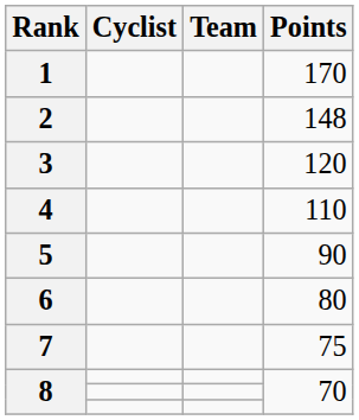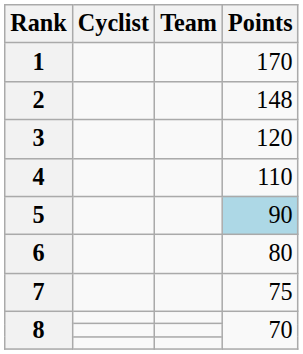 <table class="wikitable">
 <tr>
 <th scope="col">Rank</th>
 <th scope="col">Cyclist</th>
 <th scope="col">Team</th>
 <th scope="col">Points</th>
 </tr>
 <tr>
 <th scope="row">1</th>
 <td></td>
 <td></td>
 <td style="text-align:right;">170</td>
 </tr>
 <tr>
 <th scope="row">2</th>
 <td></td>
 <td></td>
 <td style="text-align:right;">148</td>
 </tr>
 <tr>
 <th scope="row">3</th>
 <td></td>
 <td></td>
 <td style="text-align:right;">120</td>
 </tr>
 <tr>
 <th scope="row">4</th>
 <td></td>
 <td></td>
 <td style="text-align:right;">110</td>
 </tr>
 <tr>
 <th scope="row">5</th>
 <td></td>
 <td></td>
-<td style="text-align:right;">90</td>
+<td style="background: lightblue; text-align:right;">90</td>
 </tr>
 <tr>
 <th scope="row">6</th>
 <td></td>
 <td></td>
 <td style="text-align:right;">80</td>
 </tr>
 <tr>
 <th scope="row">7</th>
 <td></td>
 <td></td>
 <td style="text-align:right;">75</td>
 </tr>
 <tr>
 <th scope="row" rowspan="3">8</th>
 <td></td>
 <td></td>
 <td style="text-align:right;" rowspan="3">70</td>
 </tr>
 <tr>
 <td></td>
 <td></td>
 </tr>
 <tr>
 <td></td>
 <td></td>
 </tr>
 </table>
